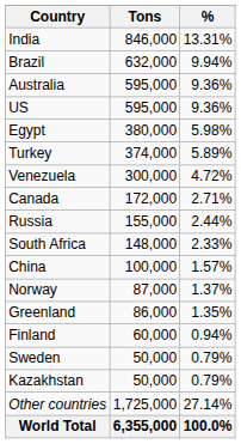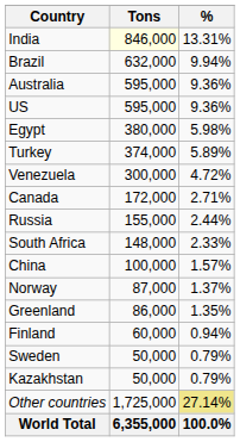 <table class="wikitable floatright">
 <tr>
 </tr>
 <tr>
 <th>Country</th>
 <th>Tons</th>
 <th>%</th>
 </tr>
 <tr>
 <td>India</td>
-<td align=right>846,000</td>
+<td align=right style="background: lightyellow;">846,000</td>
 <td align=right>13.31%</td>
 </tr>
 <tr>
 <td>Brazil</td>
 <td align=right>632,000</td>
 <td align=right>9.94%</td>
 </tr>
 <tr>
 <td>Australia</td>
 <td align=right>595,000</td>
 <td align=right>9.36%</td>
 </tr>
 <tr>
 <td>US</td>
 <td align=right>595,000</td>
 <td align=right>9.36%</td>
 </tr>
 <tr>
 <td>Egypt</td>
 <td align=right>380,000</td>
 <td align=right>5.98%</td>
 </tr>
 <tr>
 <td>Turkey</td>
 <td align=right>374,000</td>
 <td align=right>5.89%</td>
 </tr>
 <tr>
 <td>Venezuela</td>
 <td align=right>300,000</td>
 <td align=right>4.72%</td>
 </tr>
 <tr>
 <td>Canada</td>
 <td align=right>172,000</td>
 <td align=right>2.71%</td>
 </tr>
 <tr>
 <td>Russia</td>
 <td align=right>155,000</td>
 <td align=right>2.44%</td>
 </tr>
 <tr>
 <td>South Africa</td>
 <td align=right>148,000</td>
 <td align=right>2.33%</td>
 </tr>
 <tr>
 <td>China</td>
 <td align=right>100,000</td>
 <td align=right>1.57%</td>
 </tr>
 <tr>
 <td>Norway</td>
 <td align=right>87,000</td>
 <td align=right>1.37%</td>
 </tr>
 <tr>
 <td>Greenland</td>
 <td align=right>86,000</td>
 <td align=right>1.35%</td>
 </tr>
 <tr>
 <td>Finland</td>
 <td align=right>60,000</td>
 <td align=right>0.94%</td>
 </tr>
 <tr>
 <td>Sweden</td>
 <td align=right>50,000</td>
 <td align=right>0.79%</td>
 </tr>
 <tr>
 <td>Kazakhstan</td>
 <td align=right>50,000</td>
 <td align=right>0.79%</td>
 </tr>
 <tr>
 <td><em>Other countries</em></td>
 <td align=right>1,725,000</td>
-<td align=right>27.14%</td>
+<td align=right style="background: khaki;">27.14%</td>
 </tr>
 <tr>
 <th align="center">World Total</th>
 <th>6,355,000</th>
 <th>100.0%</th>
 </tr>
 </table>
